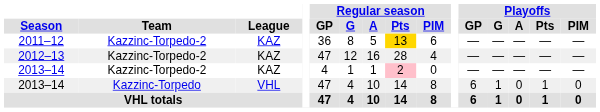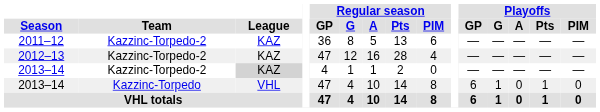 <table border="0" cellpadding="1" cellspacing="0" style="text-align:center; width:50em">
 <tr bgcolor="#e0e0e0">
 <th colspan="3" bgcolor="#ffffff"> </th>
 <th rowspan="99" bgcolor="#ffffff"> </th>
 <th colspan="5"><a href='#'>Regular season</a></th>
 <th rowspan="99" bgcolor="#ffffff"> </th>
 <th colspan="5"><a href='#'>Playoffs</a></th>
 </tr>
 <tr bgcolor="#e0e0e0">
 <th><a href='#'>Season</a></th>
 <th>Team</th>
 <th>League</th>
 <th>GP</th>
 <th><a href='#'>G</a></th>
 <th><a href='#'>A</a></th>
 <th><a href='#'>Pts</a></th>
 <th><a href='#'>PIM</a></th>
 <th>GP</th>
 <th>G</th>
 <th>A</th>
 <th>Pts</th>
 <th>PIM</th>
 </tr>
 <tr>
 <td><a href='#'>2011–12</a></td>
 <td><a href='#'>Kazzinc-Torpedo-2</a></td>
 <td><a href='#'>KAZ</a></td>
 <td>36</td>
 <td>8</td>
 <td>5</td>
-<td style="background: gold;">13</td>
+<td>13</td>
 <td>6</td>
 <td>—</td>
 <td>—</td>
 <td>—</td>
 <td>—</td>
 <td>—</td>
 </tr>
 <tr bgcolor="#f0f0f0">
 <td><a href='#'>2012–13</a></td>
 <td>Kazzinc-Torpedo-2</td>
 <td>KAZ</td>
 <td>47</td>
 <td>12</td>
 <td>16</td>
 <td>28</td>
 <td>4</td>
 <td>—</td>
 <td>—</td>
 <td>—</td>
 <td>—</td>
 <td>—</td>
 </tr>
 <tr>
 <td><a href='#'>2013–14</a></td>
 <td>Kazzinc-Torpedo-2</td>
-<td>KAZ</td>
+<td style="background: lightgrey;">KAZ</td>
 <td>4</td>
 <td>1</td>
 <td>1</td>
-<td style="background: pink;">2</td>
+<td>2</td>
 <td>0</td>
 <td>—</td>
 <td>—</td>
 <td>—</td>
 <td>—</td>
 <td>—</td>
 </tr>
 <tr bgcolor="#f0f0f0">
 <td>2013–14</td>
 <td><a href='#'>Kazzinc-Torpedo</a></td>
 <td><a href='#'>VHL</a></td>
 <td>47</td>
 <td>4</td>
 <td>10</td>
 <td>14</td>
 <td>8</td>
 <td>6</td>
 <td>1</td>
 <td>0</td>
 <td>1</td>
 <td>0</td>
 </tr>
 <tr style="background:#e0e0e0;">
 <th colspan="3">VHL totals</th>
 <th>47</th>
 <th>4</th>
 <th>10</th>
 <th>14</th>
 <th>8</th>
 <th>6</th>
 <th>1</th>
 <th>0</th>
 <th>1</th>
 <th>0</th>
 </tr>
 </table>
